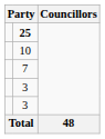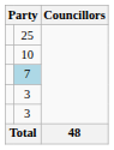 <table class="wikitable">
 <tr>
 <th colspan=2>Party</th>
 <th>Councillors</th>
 </tr>
 <tr>
 <td></td>
-<td align=center><strong>25</strong></td>
+<td align=center>25</td>
 </tr>
 <tr>
 <td></td>
 <td align=center>10</td>
 </tr>
 <tr>
 <td></td>
-<td align=center>7</td>
+<td align=center style="background: lightblue;">7</td>
 </tr>
 <tr>
 <td></td>
 <td align=center>3</td>
 </tr>
 <tr>
 <td></td>
 <td align=center>3</td>
 </tr>
 <tr>
 <th colspan=2>Total</th>
 <th align=center>48</th>
 </tr>
 </table>
